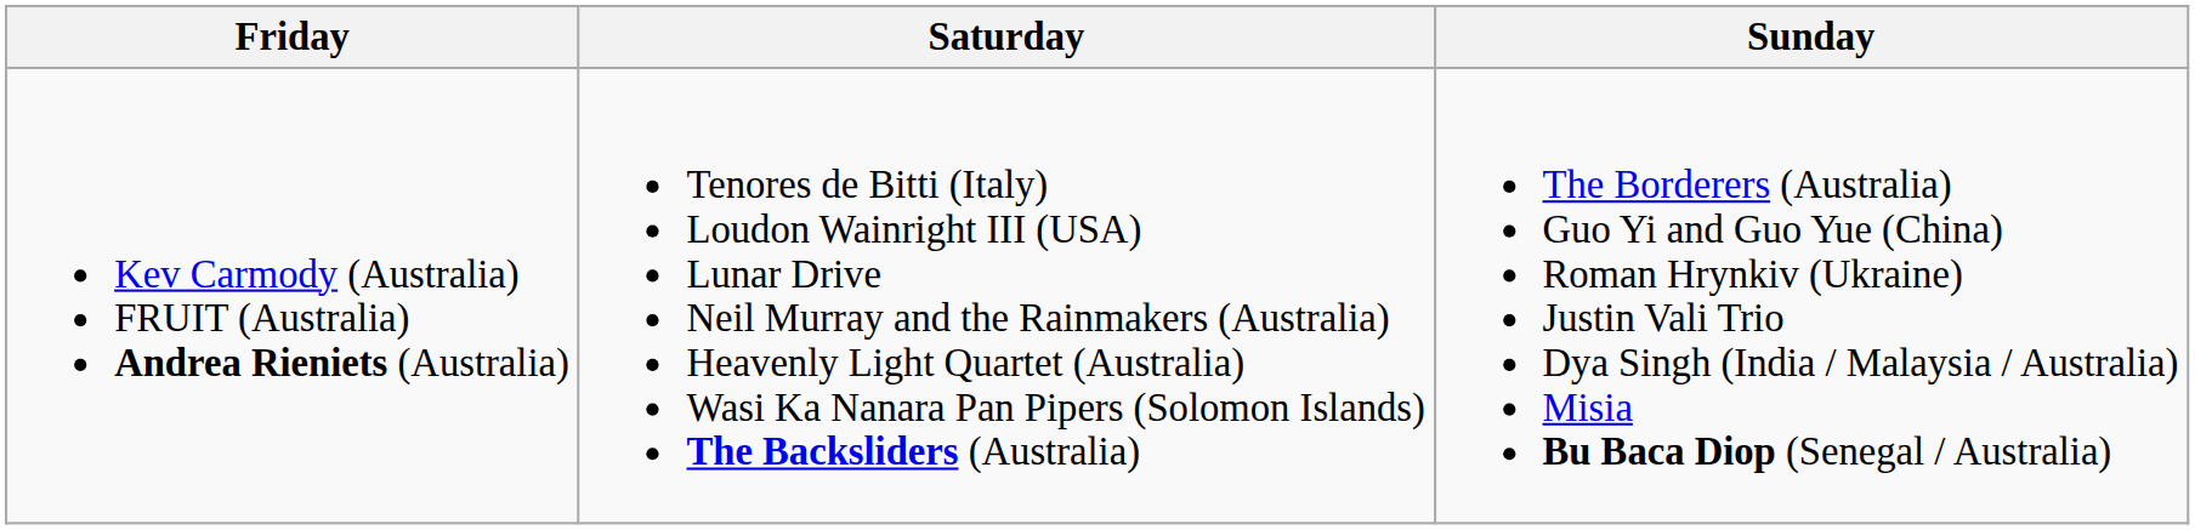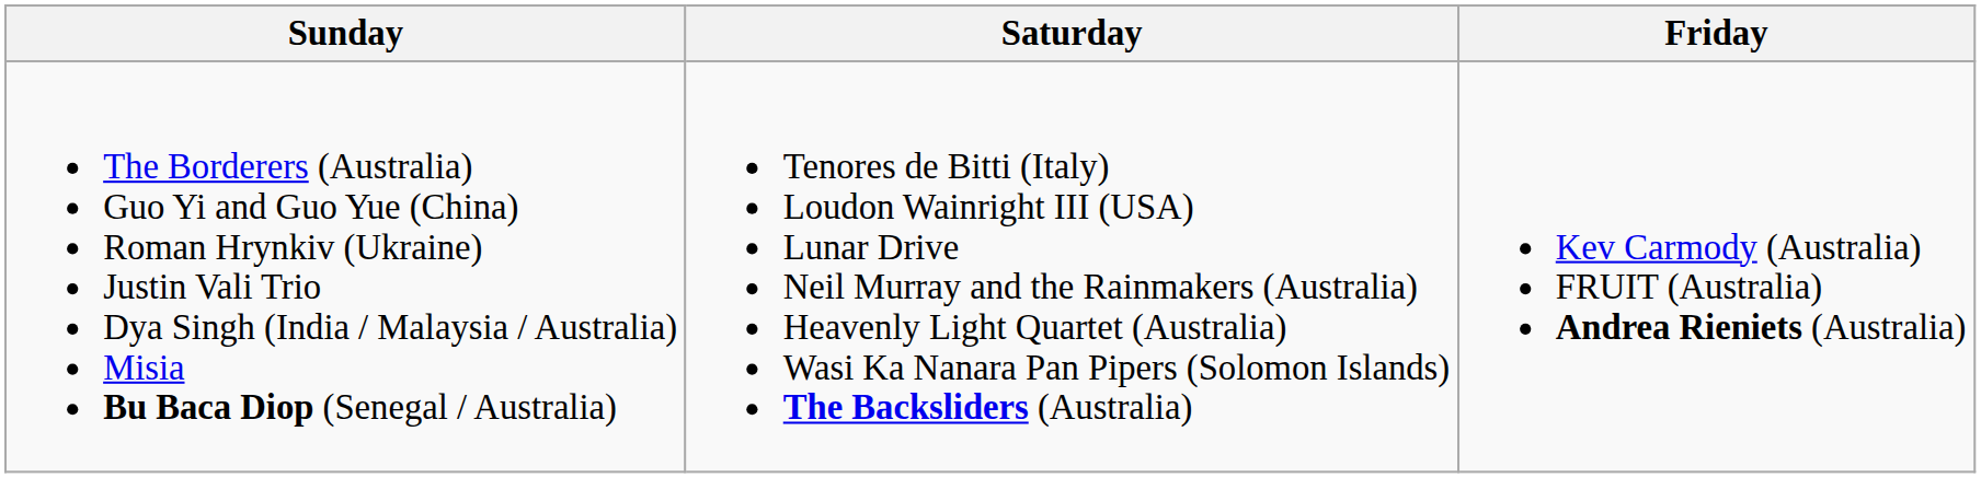 <table class="wikitable">
 <tr>
+<th>Sunday</th>
+<th>Saturday</th>
 <th>Friday</th>
-<th>Saturday</th>
-<th>Sunday</th>
 </tr>
 <tr>
+<td><br><ul><li><a href='#'>The Borderers</a> (Australia)</li><li>Guo Yi and Guo Yue (China)</li><li>Roman Hrynkiv (Ukraine)</li><li>Justin Vali Trio</li><li>Dya Singh (India / Malaysia / Australia)</li><li><a href='#'>Misia</a></li><li><strong>Bu Baca Diop</strong> (Senegal / Australia)</li></ul></td>
+<td><br><ul><li>Tenores de Bitti (Italy)</li><li>Loudon Wainright III (USA)</li><li>Lunar Drive</li><li>Neil Murray and the Rainmakers (Australia)</li><li>Heavenly Light Quartet (Australia)</li><li>Wasi Ka Nanara Pan Pipers (Solomon Islands)</li><li><strong><a href='#'>The Backsliders</a></strong> (Australia)</li></ul></td>
 <td><br><ul><li><a href='#'>Kev Carmody</a> (Australia)</li><li>FRUIT (Australia)</li><li><strong>Andrea Rieniets</strong> (Australia)</li></ul></td>
-<td><br><ul><li>Tenores de Bitti (Italy)</li><li>Loudon Wainright III (USA)</li><li>Lunar Drive</li><li>Neil Murray and the Rainmakers (Australia)</li><li>Heavenly Light Quartet (Australia)</li><li>Wasi Ka Nanara Pan Pipers (Solomon Islands)</li><li><strong><a href='#'>The Backsliders</a></strong> (Australia)</li></ul></td>
-<td><br><ul><li><a href='#'>The Borderers</a> (Australia)</li><li>Guo Yi and Guo Yue (China)</li><li>Roman Hrynkiv (Ukraine)</li><li>Justin Vali Trio</li><li>Dya Singh (India / Malaysia / Australia)</li><li><a href='#'>Misia</a></li><li><strong>Bu Baca Diop</strong> (Senegal / Australia)</li></ul></td>
 </tr>
 </table>
